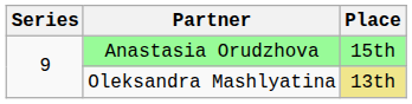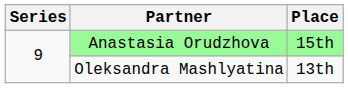 <table class="wikitable sortable" style="margin:auto; text-align:center;">
 <tr>
 <th>Series</th>
 <th>Partner</th>
 <th>Place</th>
 </tr>
 <tr>
 <td rowspan="2">9</td>
 <td style="background:palegreen;">Anastasia Orudzhova</td>
 <td style="background:palegreen;">15th</td>
 </tr>
 <tr>
 <td>Oleksandra Mashlyatina</td>
-<td style="background: khaki;">13th</td>
+<td>13th</td>
 </tr>
 </table>
